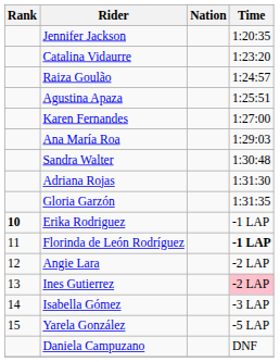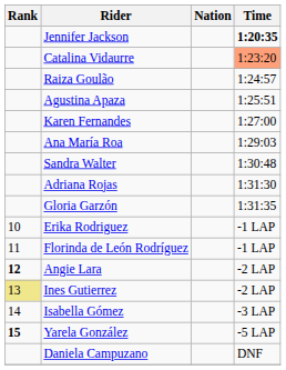 <table class="wikitable sortable" style="font-size:95%" style="width:35em;" style="text-align:center">
 <tr>
 <th>Rank</th>
 <th>Rider</th>
 <th>Nation</th>
 <th>Time</th>
 </tr>
 <tr>
 <td></td>
 <td align=left><a href='#'>Jennifer Jackson</a></td>
 <td align=left></td>
-<td>1:20:35</td>
+<td><strong>1:20:35</strong></td>
 </tr>
 <tr>
 <td></td>
 <td align=left><a href='#'>Catalina Vidaurre</a></td>
 <td align=left></td>
-<td>1:23:20</td>
+<td style="background: lightsalmon;">1:23:20</td>
 </tr>
 <tr>
 <td></td>
 <td align=left><a href='#'>Raiza Goulão</a></td>
 <td align=left></td>
 <td>1:24:57</td>
 </tr>
 <tr>
 <td></td>
 <td align=left><a href='#'>Agustina Apaza</a></td>
 <td align=left></td>
 <td>1:25:51</td>
 </tr>
 <tr>
 <td></td>
 <td align=left><a href='#'>Karen Fernandes</a></td>
 <td align=left></td>
 <td>1:27:00</td>
 </tr>
 <tr>
 <td></td>
 <td align=left><a href='#'>Ana María Roa</a></td>
 <td align=left></td>
 <td>1:29:03</td>
 </tr>
 <tr>
 <td></td>
 <td align=left><a href='#'>Sandra Walter</a></td>
 <td align=left></td>
 <td>1:30:48</td>
 </tr>
 <tr>
 <td></td>
 <td align=left><a href='#'>Adriana Rojas</a></td>
 <td align=left></td>
 <td>1:31:30</td>
 </tr>
 <tr>
 <td></td>
 <td align=left><a href='#'>Gloria Garzón</a></td>
 <td align=left></td>
 <td>1:31:35</td>
 </tr>
 <tr>
-<td><strong>10</strong></td>
+<td>10</td>
 <td align=left><a href='#'>Erika Rodriguez</a></td>
 <td align=left></td>
 <td>-1 LAP</td>
 </tr>
 <tr>
 <td>11</td>
 <td align=left><a href='#'>Florinda de León Rodríguez</a></td>
 <td align=left></td>
-<td><strong>-1 LAP</strong></td>
+<td>-1 LAP</td>
 </tr>
 <tr>
-<td>12</td>
+<td><strong>12</strong></td>
 <td align=left><a href='#'>Angie Lara</a></td>
 <td align=left></td>
 <td>-2 LAP</td>
 </tr>
 <tr>
-<td>13</td>
+<td style="background: khaki;">13</td>
 <td align=left><a href='#'>Ines Gutierrez</a></td>
 <td align=left></td>
-<td style="background: pink;">-2 LAP</td>
+<td>-2 LAP</td>
 </tr>
 <tr>
 <td>14</td>
 <td align=left><a href='#'>Isabella Gómez</a></td>
 <td align=left></td>
 <td>-3 LAP</td>
 </tr>
 <tr>
-<td>15</td>
+<td><strong>15</strong></td>
 <td align=left><a href='#'>Yarela González</a></td>
 <td align=left></td>
 <td>-5 LAP</td>
 </tr>
 <tr>
 <td></td>
 <td align=left><a href='#'>Daniela Campuzano</a></td>
 <td align=left></td>
 <td>DNF</td>
 </tr>
 <tr>
 </tr>
 </table>
